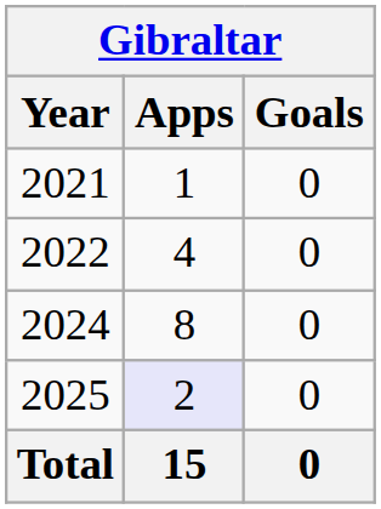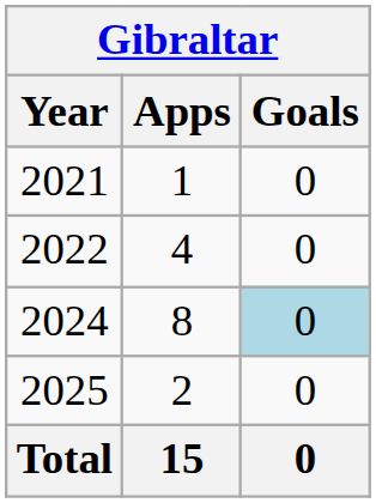 <table class="wikitable" style="text-align:center">
 <tr>
 <th colspan=3><a href='#'>Gibraltar</a></th>
 </tr>
 <tr>
 <th>Year</th>
 <th>Apps</th>
 <th>Goals</th>
 </tr>
 <tr>
 <td>2021</td>
 <td>1</td>
 <td>0</td>
 </tr>
 <tr>
 <td>2022</td>
 <td>4</td>
 <td>0</td>
 </tr>
 <tr>
 <td>2024</td>
 <td>8</td>
-<td>0</td>
+<td style="background: lightblue;">0</td>
 </tr>
 <tr>
 <td>2025</td>
-<td style="background: lavender;">2</td>
+<td>2</td>
 <td>0</td>
 </tr>
 <tr>
 <th>Total</th>
 <th>15</th>
 <th>0</th>
 </tr>
 </table>
